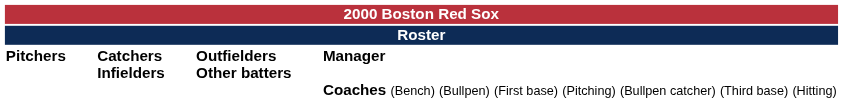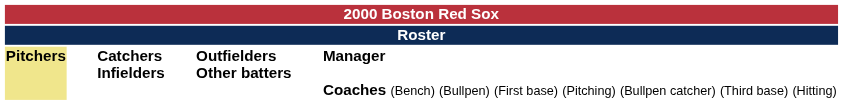 <table class="toccolours" style="text-align: left;">
 <tr>
 <th colspan="10" style="background-color: #ba313c; color: #FFFFFF; text-align: center;">2000 Boston Red Sox</th>
 </tr>
 <tr>
 <td colspan="10" style="background-color:#0d2b56; color: white; text-align: center;"><strong>Roster</strong></td>
 </tr>
 <tr>
-<td valign="top"><strong>Pitchers</strong><br>                       </td>
+<td valign="top" style="background: khaki;"><strong>Pitchers</strong><br>                       </td>
 <td width="25px"></td>
 <td valign="top"><strong>Catchers</strong><br>  <strong>Infielders</strong>                </td>
 <td width="25px"></td>
 <td valign="top"><strong>Outfielders</strong><br>         <strong>Other batters</strong> </td>
 <td width="25px"></td>
 <td valign="top"><strong>Manager</strong><br><br><strong>Coaches</strong>  <small>(Bench)</small>  <small>(Bullpen)</small>  <small>(First base)</small>   <small>(Pitching)</small>  <small>(Bullpen catcher)</small>  <small>(Third base)</small>   <small>(Hitting)</small></td>
 </tr>
 <tr>
 </tr>
 </table>
